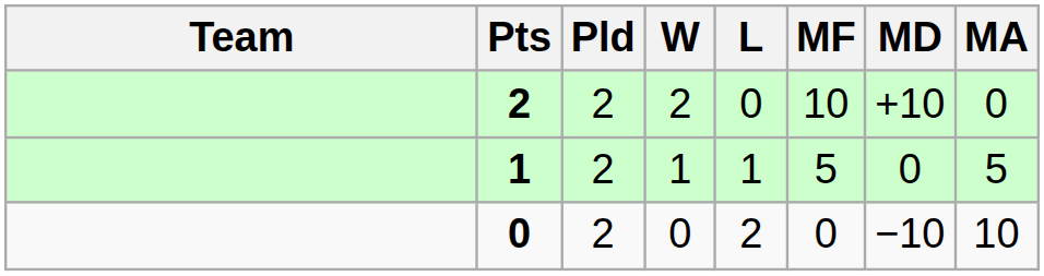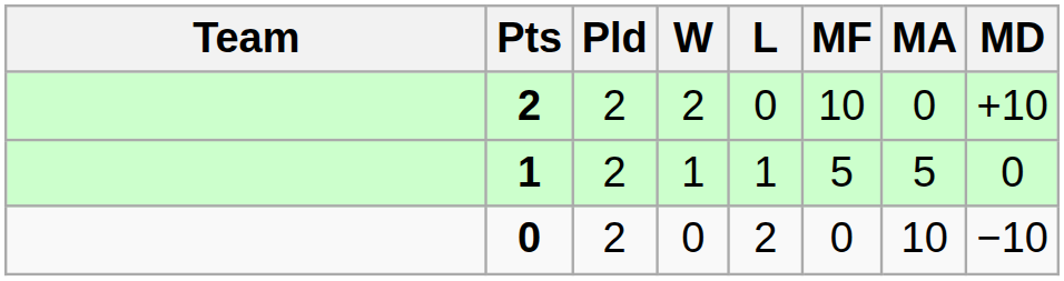 <table class=wikitable style="text-align:center">
 <tr>
 <th width=175>Team</th>
 <th width=20>Pts</th>
 <th width=20>Pld</th>
 <th width=20>W</th>
 <th width=20>L</th>
 <th width=20>MF</th>
+<th width=20>MA</th>
 <th width=20>MD</th>
-<th width=20>MA</th>
 </tr>
 <tr bgcolor=#ccffcc>
 <td align=left></td>
 <td><strong>2</strong></td>
 <td>2</td>
 <td>2</td>
 <td>0</td>
 <td>10</td>
+<td>0</td>
 <td>+10</td>
-<td>0</td>
 </tr>
 <tr bgcolor=#ccffcc>
 <td align=left></td>
 <td><strong>1</strong></td>
 <td>2</td>
 <td>1</td>
 <td>1</td>
 <td>5</td>
+<td>5</td>
 <td>0</td>
-<td>5</td>
 </tr>
 <tr>
 <td align=left></td>
 <td><strong>0</strong></td>
 <td>2</td>
 <td>0</td>
 <td>2</td>
 <td>0</td>
+<td>10</td>
 <td>−10</td>
-<td>10</td>
 </tr>
 </table>
